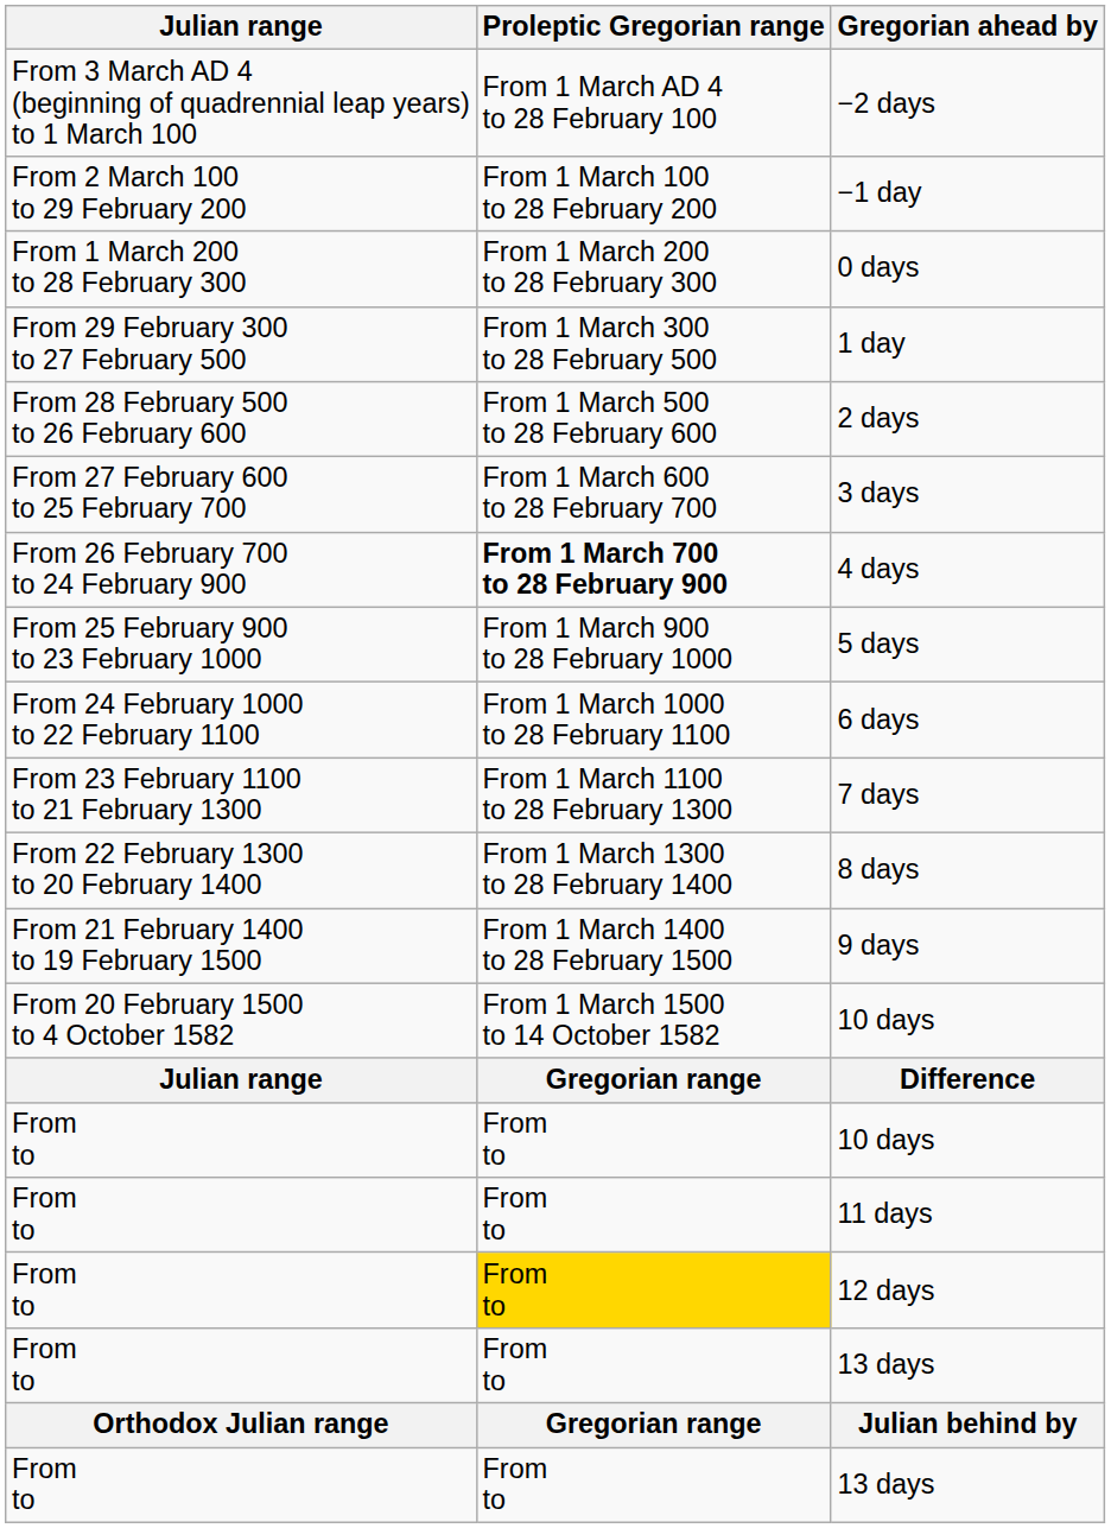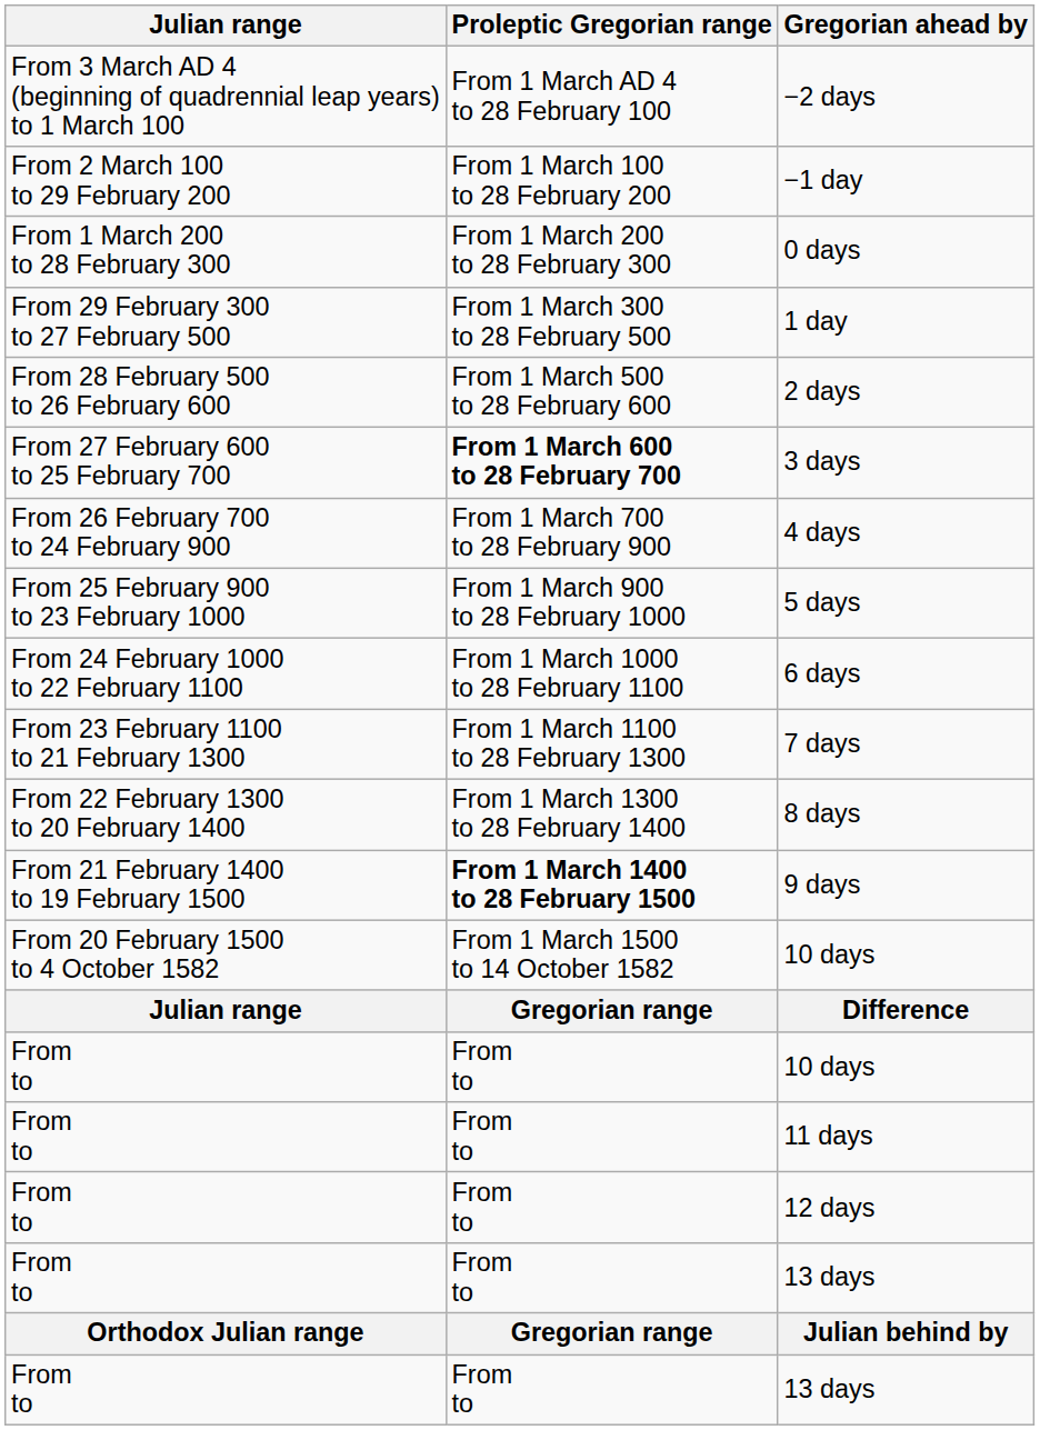 <table class="wikitable">
 <tr>
 <th>Julian range</th>
 <th>Proleptic Gregorian range</th>
 <th>Gregorian ahead by</th>
 </tr>
 <tr>
 <td>From 3 March AD 4 <br>(beginning of quadrennial leap years)<br> to 1 March 100</td>
 <td>From 1 March AD 4 <br> to 28 February 100</td>
 <td>−2 days</td>
 </tr>
 <tr>
 <td>From 2 March 100 <br> to 29 February 200</td>
 <td>From 1 March 100 <br> to 28 February 200</td>
 <td>−1 day</td>
 </tr>
 <tr>
 <td>From 1 March 200 <br> to 28 February 300</td>
 <td>From 1 March 200 <br> to 28 February 300</td>
 <td>0 days</td>
 </tr>
 <tr>
 <td>From 29 February 300 <br> to 27 February 500</td>
 <td>From 1 March 300 <br> to 28 February 500</td>
 <td>1 day</td>
 </tr>
 <tr>
 <td>From 28 February 500 <br> to 26 February 600</td>
 <td>From 1 March 500 <br> to 28 February 600</td>
 <td>2 days</td>
 </tr>
 <tr>
 <td>From 27 February 600 <br> to 25 February 700</td>
-<td>From 1 March 600 <br> to 28 February 700</td>
+<td><strong>From 1 March 600 <br> to 28 February 700</strong></td>
 <td>3 days</td>
 </tr>
 <tr>
 <td>From 26 February 700 <br> to 24 February 900</td>
-<td><strong>From 1 March 700 <br> to 28 February 900</strong></td>
+<td>From 1 March 700 <br> to 28 February 900</td>
 <td>4 days</td>
 </tr>
 <tr>
 <td>From 25 February 900 <br> to 23 February 1000</td>
 <td>From 1 March 900 <br> to 28 February 1000</td>
 <td>5 days</td>
 </tr>
 <tr>
 <td>From 24 February 1000 <br> to 22 February 1100</td>
 <td>From 1 March 1000 <br> to 28 February 1100</td>
 <td>6 days</td>
 </tr>
 <tr>
 <td>From 23 February 1100 <br> to 21 February 1300</td>
 <td>From 1 March 1100 <br> to 28 February 1300</td>
 <td>7 days</td>
 </tr>
 <tr>
 <td>From 22 February 1300 <br> to 20 February 1400</td>
 <td>From 1 March 1300 <br> to 28 February 1400</td>
 <td>8 days</td>
 </tr>
 <tr>
 <td>From 21 February 1400 <br> to 19 February 1500</td>
-<td>From 1 March 1400 <br> to 28 February 1500</td>
+<td><strong>From 1 March 1400 <br> to 28 February 1500</strong></td>
 <td>9 days</td>
 </tr>
 <tr>
 <td>From 20 February 1500 <br> to 4 October 1582</td>
 <td>From 1 March 1500 <br> to 14 October 1582</td>
 <td>10 days</td>
 </tr>
 <tr>
 <th>Julian range</th>
 <th>Gregorian range</th>
 <th>Difference</th>
 </tr>
 <tr>
 <td>From  <br> to </td>
 <td>From  <br> to </td>
 <td>10 days</td>
 </tr>
 <tr>
 <td>From  <br> to </td>
 <td>From  <br> to </td>
 <td>11 days</td>
 </tr>
 <tr>
 <td>From  <br> to </td>
-<td style="background: gold;">From  <br> to </td>
+<td>From  <br> to </td>
 <td>12 days</td>
 </tr>
 <tr>
 <td>From  <br> to </td>
 <td>From  <br> to </td>
 <td>13 days</td>
 </tr>
 <tr>
 <th>Orthodox Julian range</th>
 <th>Gregorian range</th>
 <th>Julian behind by</th>
 </tr>
 <tr>
 <td>From  <br> to </td>
 <td>From  <br> to </td>
 <td>13 days</td>
 </tr>
 </table>
